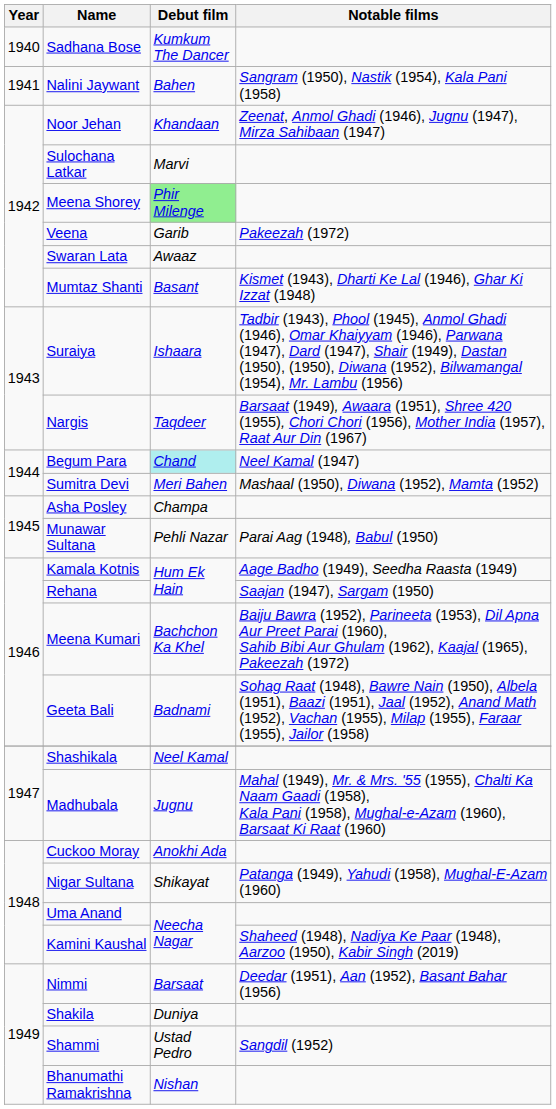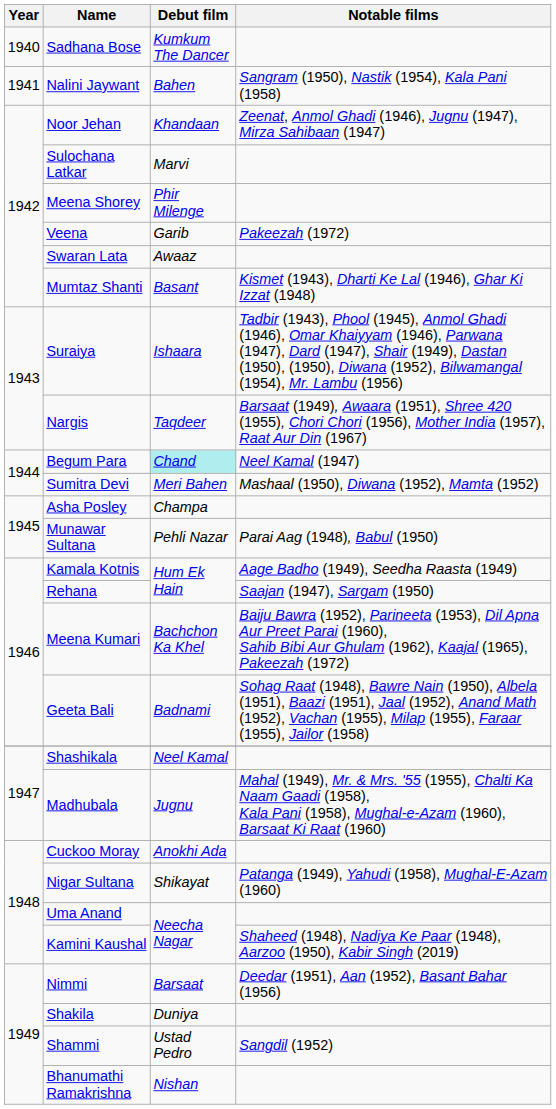 <table class="wikitable sortable static-row-numbers static-row-header-text hover-highlight" "style="font-size: 100%">
 <tr>
 <th>Year</th>
 <th>Name</th>
 <th>Debut film</th>
 <th class="unsortable">Notable films</th>
 </tr>
 <tr>
 <td>1940</td>
 <td><a href='#'>Sadhana Bose</a></td>
 <td><a href='#'><em>Kumkum</em> <em>The Dancer</em></a></td>
 <td></td>
 </tr>
 <tr>
 <td>1941</td>
 <td><a href='#'>Nalini Jaywant</a></td>
 <td><a href='#'><em>Bahen</em></a></td>
 <td><a href='#'><em>Sangram</em></a> (1950), <a href='#'><em>Nastik</em></a> (1954), <a href='#'><em>Kala Pani</em></a> (1958)</td>
 </tr>
 <tr>
 <td rowspan="6">1942</td>
 <td><a href='#'>Noor Jehan</a></td>
 <td><em><a href='#'>Khandaan</a></em></td>
 <td><a href='#'><em>Zeenat</em></a>, <em><a href='#'>Anmol Ghadi</a></em> (1946), <em><a href='#'>Jugnu</a></em> (1947), <em><a href='#'>Mirza Sahibaan</a></em> (1947)</td>
 </tr>
 <tr>
 <td><a href='#'>Sulochana Latkar</a></td>
 <td><em>Marvi</em></td>
 <td></td>
 </tr>
 <tr>
 <td><a href='#'>Meena Shorey</a></td>
-<td style="background: lightgreen;"><a href='#'><em>Phir Milenge</em></a></td>
+<td><a href='#'><em>Phir Milenge</em></a></td>
 <td></td>
 </tr>
 <tr>
 <td><a href='#'>Veena</a></td>
 <td><em>Garib</em></td>
 <td><em><a href='#'>Pakeezah</a></em> (1972)</td>
 </tr>
 <tr>
 <td><a href='#'>Swaran Lata</a></td>
 <td><em>Awaaz</em></td>
 <td></td>
 </tr>
 <tr>
 <td><a href='#'>Mumtaz Shanti</a></td>
 <td><a href='#'><em>Basant</em></a></td>
 <td><a href='#'><em>Kismet</em></a> (1943), <em><a href='#'>Dharti Ke Lal</a></em> (1946), <a href='#'><em>Ghar Ki</em> <em>Izzat</em></a> (1948)</td>
 </tr>
 <tr>
 <td rowspan="2">1943</td>
 <td><a href='#'>Suraiya</a></td>
 <td><em><a href='#'>Ishaara</a></em></td>
 <td><em><a href='#'>Tadbir</a></em> (1943), <em><a href='#'>Phool</a></em> (1945), <em><a href='#'>Anmol Ghadi</a></em> (1946), <em><a href='#'>Omar Khaiyyam</a></em> (1946), <em><a href='#'>Parwana</a></em> (1947), <em><a href='#'>Dard</a></em> (1947), <em><a href='#'>Shair</a></em> (1949), <em><a href='#'>Dastan</a></em> (1950),  (1950), <em><a href='#'>Diwana</a></em> (1952), <em><a href='#'>Bilwamangal</a></em> (1954), <em><a href='#'>Mr. Lambu</a></em> (1956)</td>
 </tr>
 <tr>
 <td><a href='#'>Nargis</a></td>
 <td><a href='#'><em>Taqdeer</em></a></td>
 <td><em><a href='#'>Barsaat</a></em> (1949)<em>,</em> <em><a href='#'>Awaara</a></em> (1951), <em><a href='#'>Shree 420</a></em> (1955)<em>, <a href='#'>Chori Chori</a></em> (1956), <em><a href='#'>Mother India</a></em> (1957), <em><a href='#'>Raat Aur Din</a></em> (1967)</td>
 </tr>
 <tr>
 <td rowspan="2">1944</td>
 <td><a href='#'>Begum Para</a></td>
 <td style="background: paleturquoise;"><em><a href='#'>Chand</a></em></td>
 <td><em><a href='#'>Neel Kamal</a></em> (1947)</td>
 </tr>
 <tr>
 <td><a href='#'>Sumitra Devi</a></td>
 <td><em><a href='#'>Meri Bahen</a></em></td>
 <td><em>Mashaal</em> (1950), <em><a href='#'>Diwana</a></em> (1952), <em><a href='#'>Mamta</a></em> (1952)</td>
 </tr>
 <tr>
 <td rowspan="2">1945</td>
 <td><a href='#'>Asha Posley</a></td>
 <td><em>Champa</em></td>
 <td></td>
 </tr>
 <tr>
 <td><a href='#'>Munawar Sultana</a></td>
 <td><em>Pehli Nazar</em></td>
 <td><em>Parai Aag</em> (1948)<em>, <a href='#'>Babul</a></em> (1950)</td>
 </tr>
 <tr>
 <td rowspan="4">1946</td>
 <td><a href='#'>Kamala Kotnis</a></td>
 <td rowspan="2"><em><a href='#'>Hum Ek Hain</a></em></td>
 <td><em><a href='#'>Aage Badho</a></em> (1949), <em>Seedha Raasta</em> (1949)</td>
 </tr>
 <tr>
 <td><a href='#'>Rehana</a></td>
 <td><em><a href='#'>Saajan</a></em> (1947), <em><a href='#'>Sargam</a></em> (1950)</td>
 </tr>
 <tr>
 <td><a href='#'>Meena Kumari</a></td>
 <td><em><a href='#'>Bachchon Ka Khel</a></em></td>
 <td><em><a href='#'>Baiju Bawra</a></em> (1952), <a href='#'><em>Parineeta</em></a> (1953), <em><a href='#'>Dil Apna Aur Preet Parai</a></em> (1960), <br><em><a href='#'>Sahib Bibi Aur Ghulam</a></em> (1962), <em><a href='#'>Kaajal</a></em> (1965),  <em><a href='#'>Pakeezah</a></em> (1972)</td>
 </tr>
 <tr>
 <td><a href='#'>Geeta Bali</a></td>
 <td><em><a href='#'>Badnami</a></em></td>
 <td><em><a href='#'>Sohag Raat</a></em> (1948), <em><a href='#'>Bawre Nain</a></em> (1950), <em><a href='#'>Albela</a></em> (1951), <em><a href='#'>Baazi</a></em> (1951), <em><a href='#'>Jaal</a></em> (1952), <em><a href='#'>Anand Math</a></em> (1952), <em><a href='#'>Vachan</a></em> (1955), <em><a href='#'>Milap</a></em> (1955), <em><a href='#'>Faraar</a></em> (1955), <em><a href='#'>Jailor</a></em> (1958)</td>
 </tr>
 <tr>
 </tr>
 <tr>
 <td rowspan="2">1947</td>
 <td><a href='#'>Shashikala</a></td>
 <td><em><a href='#'>Neel Kamal</a></em></td>
 <td></td>
 </tr>
 <tr>
 <td><a href='#'>Madhubala</a></td>
 <td><a href='#'><em>Jugnu</em></a></td>
 <td><a href='#'><em>Mahal</em></a> (1949), <em><a href='#'>Mr. & Mrs. '55</a></em> (1955), <em><a href='#'>Chalti Ka Naam Gaadi</a></em> (1958),<br> <a href='#'><em>Kala Pani</em></a> (1958), <em><a href='#'>Mughal-e-Azam</a></em> (1960), <em><a href='#'>Barsaat Ki Raat</a></em> (1960)</td>
 </tr>
 <tr>
 <td rowspan="4">1948</td>
 <td><a href='#'>Cuckoo Moray</a></td>
 <td><a href='#'><em>Anokhi Ada</em></a></td>
 <td></td>
 </tr>
 <tr>
 <td><a href='#'>Nigar Sultana</a></td>
 <td><em>Shikayat</em></td>
 <td><em><a href='#'>Patanga</a></em> (1949), <em><a href='#'>Yahudi</a></em> (1958), <em><a href='#'>Mughal-E-Azam</a></em> (1960)</td>
 </tr>
 <tr>
 <td><a href='#'>Uma Anand</a></td>
 <td rowspan="2"><em><a href='#'>Neecha Nagar</a></em></td>
 <td></td>
 </tr>
 <tr>
 <td><a href='#'>Kamini Kaushal</a></td>
 <td><em><a href='#'>Shaheed</a></em> (1948), <em><a href='#'>Nadiya Ke Paar</a></em> (1948),<br> <em><a href='#'>Aarzoo</a></em> (1950), <em><a href='#'>Kabir Singh</a></em> (2019)</td>
 </tr>
 <tr>
 <td rowspan="4">1949</td>
 <td><a href='#'>Nimmi</a></td>
 <td><a href='#'><em>Barsaat</em></a></td>
 <td><em><a href='#'>Deedar</a></em> (1951), <em><a href='#'>Aan</a></em> (1952), <em><a href='#'>Basant Bahar</a></em> (1956)</td>
 </tr>
 <tr>
 <td><a href='#'>Shakila</a></td>
 <td><em>Duniya</em></td>
 <td></td>
 </tr>
 <tr>
 <td><a href='#'>Shammi</a></td>
 <td><em>Ustad Pedro</em></td>
 <td><em><a href='#'>Sangdil</a></em> (1952)</td>
 </tr>
 <tr>
 <td><a href='#'>Bhanumathi Ramakrishna</a></td>
 <td><a href='#'><em>Nishan</em></a></td>
 <td></td>
 </tr>
 </table>
